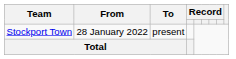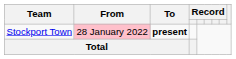 <table class="wikitable" style="text-align: center">
 <tr>
 <th rowspan=2>Team</th>
 <th rowspan=2>From</th>
 <th rowspan=2>To</th>
 <th colspan=5>Record</th>
 <th rowspan=2></th>
 </tr>
 <tr>
 <th></th>
 <th></th>
 <th></th>
 <th></th>
 <th></th>
 </tr>
 <tr>
 <td align=left><a href='#'>Stockport Town</a></td>
-<td align=left>28 January 2022</td>
-<td align=left>present<br></td>
+<td align=left style="background: pink;">28 January 2022</td>
+<td align=left><strong>present<br></strong></td>
 <td></td>
 </tr>
 <tr>
 <th colspan=3>Total<br></th>
 <th></th>
 </tr>
 </table>
